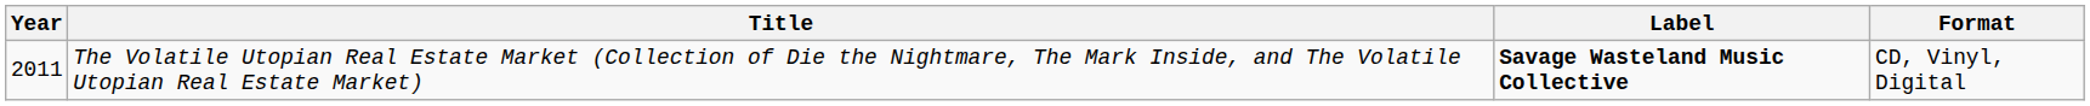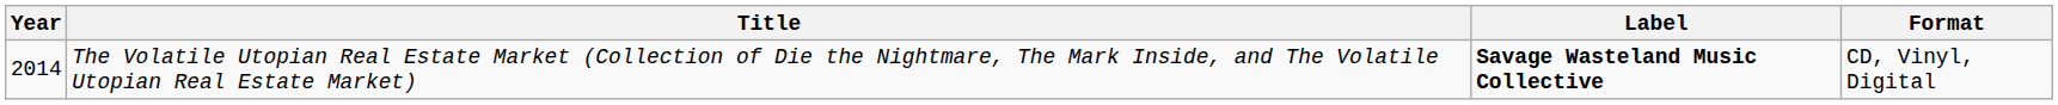 <table class="wikitable">
 <tr>
 <th>Year</th>
 <th>Title</th>
 <th>Label</th>
 <th>Format</th>
 </tr>
 <tr>
-<td>2011</td>
+<td>2014</td>
 <td><em>The Volatile Utopian Real Estate Market (Collection of Die the Nightmare, The Mark Inside, and The Volatile Utopian Real Estate Market)</em></td>
 <td><strong>Savage Wasteland Music Collective</strong></td>
 <td>CD, Vinyl, Digital</td>
 </tr>
 </table>
